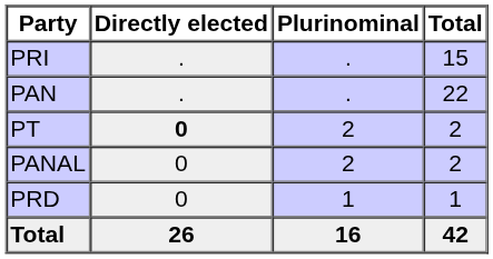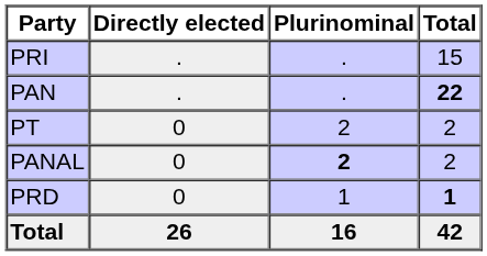 <table align="right" border="1" cellpadding="2" cellspacing="0" style="margin-left:25px;margin-bottom:10px">
 <tr>
 <th>Party</th>
 <th>Directly elected</th>
 <th>Plurinominal</th>
 <th>Total</th>
 </tr>
 <tr>
 <td bgcolor=#CCCCFF>PRI</td>
 <td bgcolor=#EFEFEF align="center">.</td>
 <td bgcolor=#CCCCFF align="center">.</td>
 <td bgcolor=#CCCCFF align="center">15</td>
 </tr>
 <tr>
 <td bgcolor=#CCCCFF>PAN</td>
 <td bgcolor=#EFEFEF align="center">.</td>
 <td bgcolor=#CCCCFF align="center">.</td>
-<td bgcolor=#CCCCFF align="center">22</td>
+<td bgcolor=#CCCCFF align="center"><strong>22</strong></td>
 </tr>
 <tr>
 <td bgcolor=#CCCCFF>PT</td>
-<td bgcolor=#EFEFEF align="center"><strong>0</strong></td>
+<td bgcolor=#EFEFEF align="center">0</td>
 <td bgcolor=#CCCCFF align="center">2</td>
 <td bgcolor=#CCCCFF align="center">2</td>
 </tr>
 <tr>
 <td bgcolor=#CCCCFF>PANAL</td>
 <td bgcolor=#EFEFEF align="center">0</td>
-<td bgcolor=#CCCCFF align="center">2</td>
+<td bgcolor=#CCCCFF align="center"><strong>2</strong></td>
 <td bgcolor=#CCCCFF align="center">2</td>
 </tr>
 <tr>
 <td bgcolor=#CCCCFF>PRD</td>
 <td bgcolor=#EFEFEF align="center">0</td>
 <td bgcolor=#CCCCFF align="center">1</td>
-<td bgcolor=#CCCCFF align="center">1</td>
+<td bgcolor=#CCCCFF align="center"><strong>1</strong></td>
 </tr>
 <tr>
 <td bgcolor=#EFEFEF><strong>Total</strong></td>
 <td bgcolor=#EFEFEF align="center"><strong>26</strong></td>
 <td bgcolor=#EFEFEF align="center"><strong>16</strong></td>
 <td bgcolor=#EFEFEF align="center"><strong>42</strong></td>
 </tr>
 <tr>
 </tr>
 </table>
